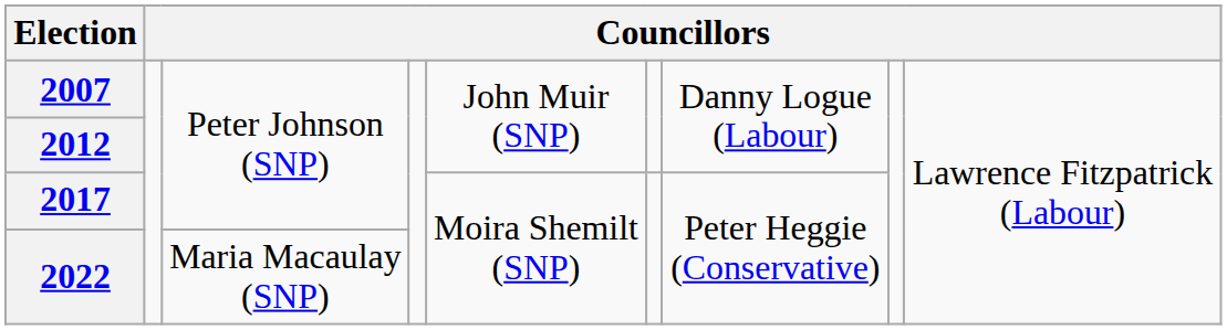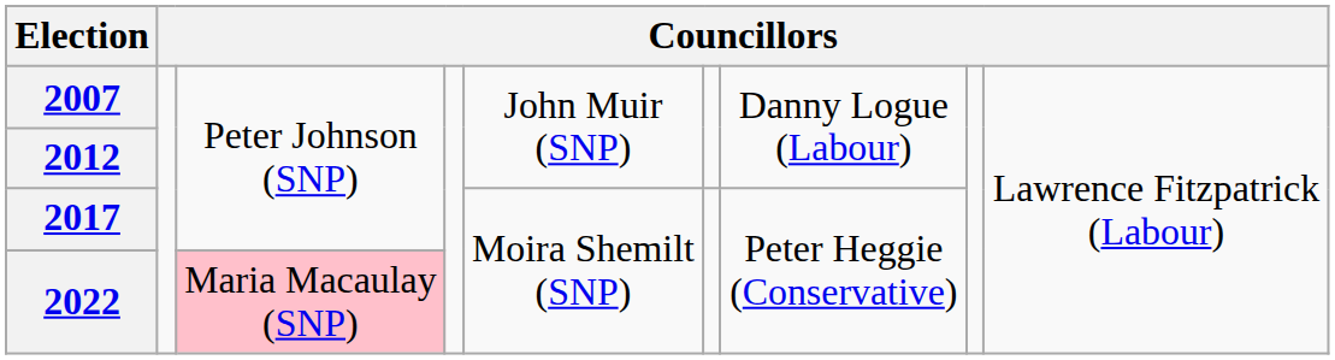 <table class="wikitable" style="text-align:center">
 <tr>
 <th>Election</th>
 <th colspan=8>Councillors</th>
 </tr>
 <tr>
 <th><a href='#'>2007</a></th>
 <td rowspan=4; style="background-color: "></td>
 <td rowspan=3>Peter Johnson<br>(<a href='#'>SNP</a>)</td>
 <td rowspan=4; style="background-color: "></td>
 <td rowspan=2>John Muir<br>(<a href='#'>SNP</a>)</td>
 <td rowspan=2; style="background-color: "></td>
 <td rowspan=2>Danny Logue<br>(<a href='#'>Labour</a>)</td>
 <td rowspan=4; style="background-color: "></td>
 <td rowspan=4>Lawrence Fitzpatrick<br>(<a href='#'>Labour</a>)</td>
 </tr>
 <tr>
 <th><a href='#'>2012</a></th>
 </tr>
 <tr>
 <th><a href='#'>2017</a></th>
 <td rowspan=2>Moira Shemilt<br>(<a href='#'>SNP</a>)</td>
 <td rowspan=2; style="background-color: "></td>
 <td rowspan=2>Peter Heggie<br>(<a href='#'>Conservative</a>)</td>
 </tr>
 <tr>
 <th><a href='#'>2022</a></th>
-<td rowspan=1>Maria Macaulay<br>(<a href='#'>SNP</a>)</td>
+<td rowspan=1 style="background: pink;">Maria Macaulay<br>(<a href='#'>SNP</a>)</td>
 </tr>
 </table>
